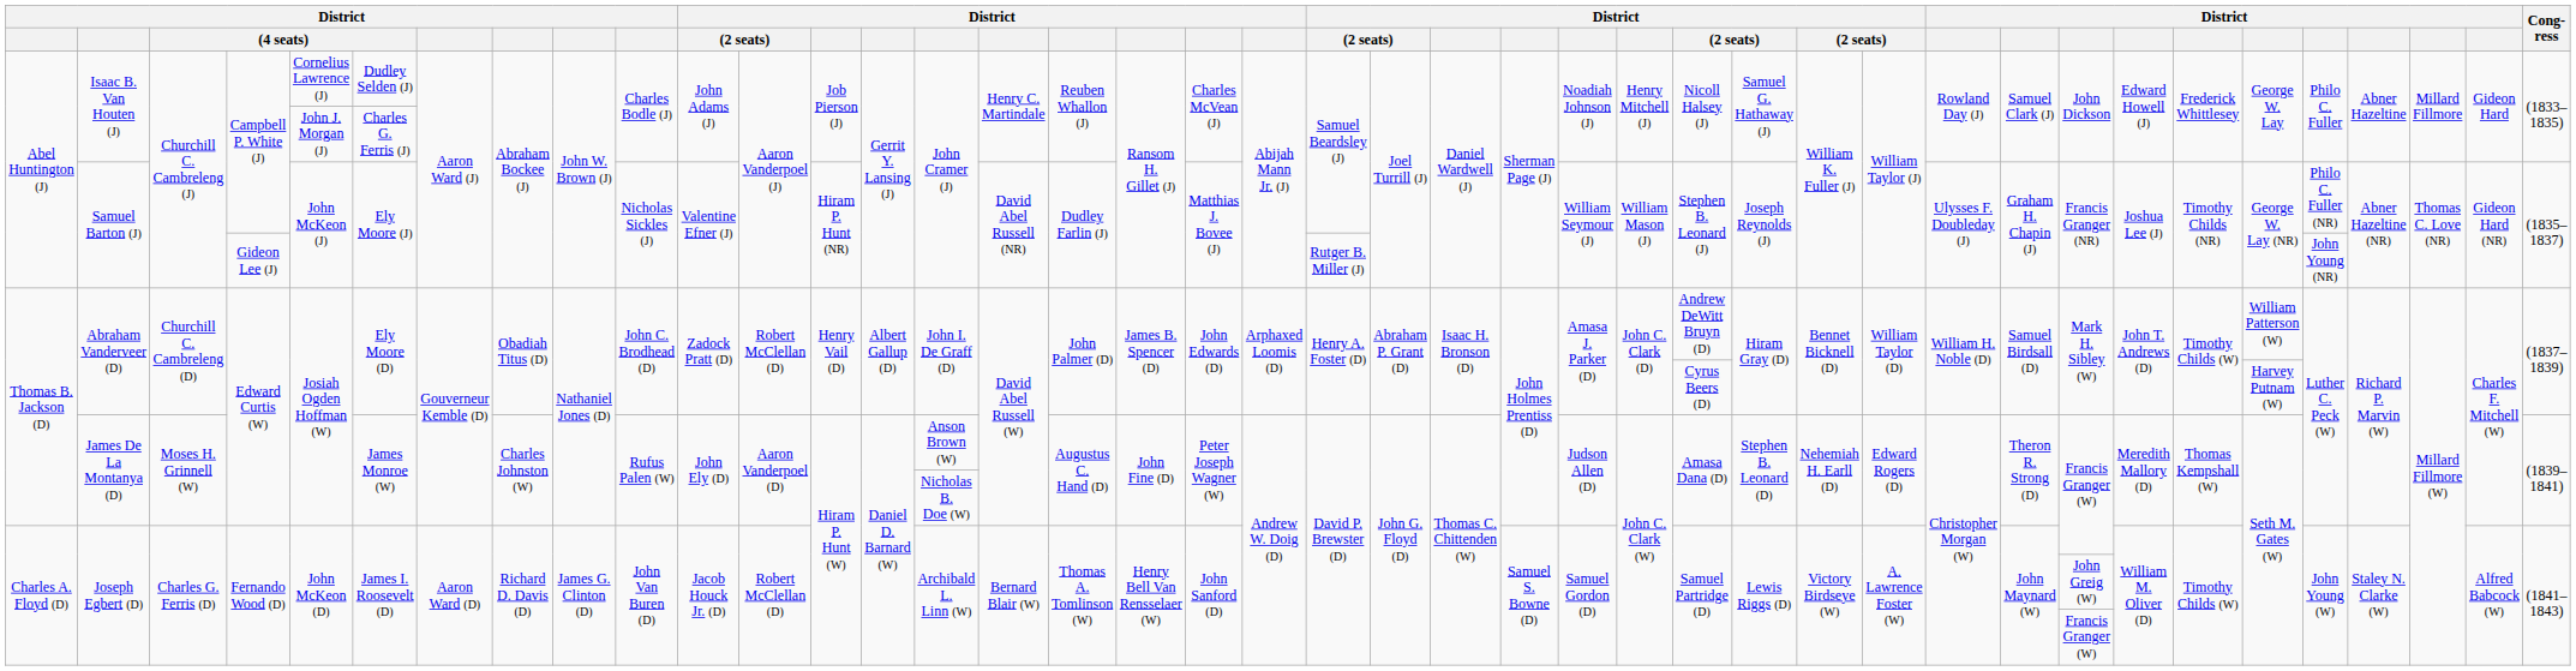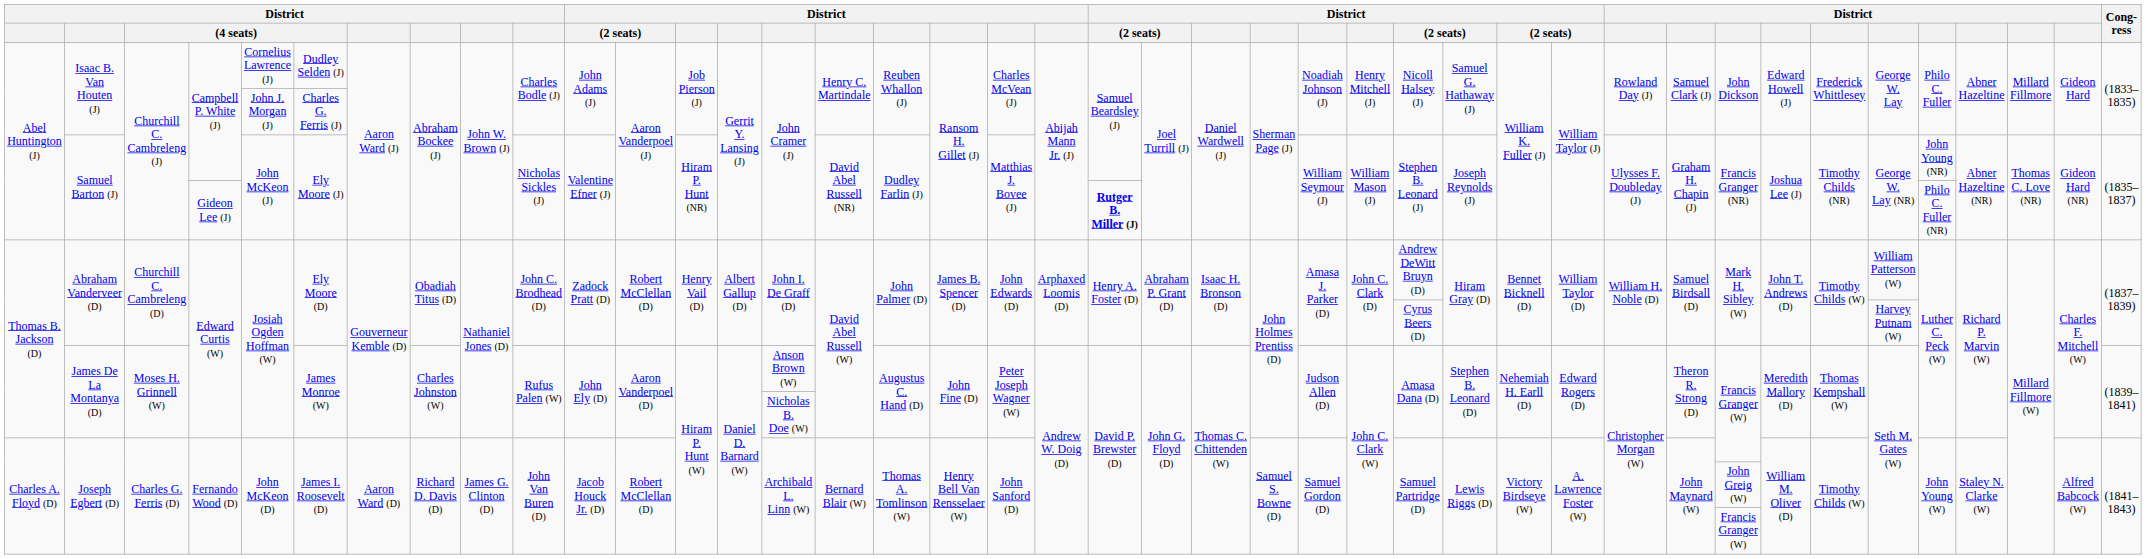 <table class=wikitable style="text-align:center">
 <tr>
 <th colspan=10>District</th>
 <th colspan=10>District</th>
 <th colspan=10>District</th>
 <th colspan=10>District</th>
 <th rowspan=2>Cong­ress</th>
 </tr>
 <tr>
 <th></th>
 <th></th>
 <th colspan=4> (4 seats)</th>
 <th></th>
 <th></th>
 <th></th>
 <th></th>
 <th colspan=2> (2 seats)</th>
 <th></th>
 <th></th>
 <th></th>
 <th></th>
 <th></th>
 <th></th>
 <th></th>
 <th></th>
 <th colspan=2> (2 seats)</th>
 <th></th>
 <th></th>
 <th></th>
 <th></th>
 <th colspan=2> (2 seats)</th>
 <th colspan=2> (2 seats)</th>
 <th></th>
 <th></th>
 <th></th>
 <th></th>
 <th></th>
 <th></th>
 <th></th>
 <th></th>
 <th></th>
 <th></th>
 </tr>
 <tr style="height:2em">
 <td rowspan=4 ><a href='#'>Abel<br>Huntington</a><br><small>(J)</small></td>
 <td rowspan=2 ><a href='#'>Isaac B.<br>Van Houten</a><br><small>(J)</small></td>
 <td rowspan=4 ><a href='#'>Churchill C.<br>Cambreleng</a><br><small>(J)</small></td>
 <td rowspan=3 ><a href='#'>Campbell<br>P. White</a><br><small>(J)</small></td>
 <td><a href='#'>Cornelius<br>Lawrence</a> <small>(J)</small></td>
 <td><a href='#'>Dudley<br>Selden</a> <small>(J)</small></td>
 <td rowspan=4 ><a href='#'>Aaron<br>Ward</a> <small>(J)</small></td>
 <td rowspan=4 ><a href='#'>Abraham<br>Bockee</a><br><small>(J)</small></td>
 <td rowspan=4 ><a href='#'>John W.<br>Brown</a> <small>(J)</small></td>
 <td rowspan=2 ><a href='#'>Charles<br>Bodle</a> <small>(J)</small></td>
 <td rowspan=2 ><a href='#'>John<br>Adams</a> <small>(J)</small></td>
 <td rowspan=4 ><a href='#'>Aaron<br>Vanderpoel</a><br><small>(J)</small></td>
 <td rowspan=2 ><a href='#'>Job<br>Pierson</a><br><small>(J)</small></td>
 <td rowspan=4 ><a href='#'>Gerrit Y.<br>Lansing</a><br><small>(J)</small></td>
 <td rowspan=4 ><a href='#'>John<br>Cramer</a> <small>(J)</small></td>
 <td rowspan=2 ><a href='#'>Henry C.<br>Martindale</a><br></td>
 <td rowspan=2 ><a href='#'>Reuben<br>Whallon</a><br><small>(J)</small></td>
 <td rowspan=4 ><a href='#'>Ransom H.<br>Gillet</a> <small>(J)</small></td>
 <td rowspan=2 ><a href='#'>Charles<br>McVean</a> <small>(J)</small></td>
 <td rowspan=4 ><a href='#'>Abijah<br>Mann<br>Jr.</a> <small>(J)</small></td>
 <td rowspan=3 ><a href='#'>Samuel<br>Beardsley</a><br><small>(J)</small></td>
 <td rowspan=4 ><a href='#'>Joel<br>Turrill</a> <small>(J)</small></td>
 <td rowspan=4 ><a href='#'>Daniel<br>Wardwell</a><br><small>(J)</small></td>
 <td rowspan=4 ><a href='#'>Sherman<br>Page</a> <small>(J)</small></td>
 <td rowspan=2 ><a href='#'>Noadiah<br>Johnson</a><br><small>(J)</small></td>
 <td rowspan=2 ><a href='#'>Henry<br>Mitchell</a><br><small>(J)</small></td>
 <td rowspan=2 ><a href='#'>Nicoll<br>Halsey</a> <small>(J)</small></td>
 <td rowspan=2 ><a href='#'>Samuel G.<br>Hathaway</a><br><small>(J)</small></td>
 <td rowspan=4 ><a href='#'>William K.<br>Fuller</a> <small>(J)</small></td>
 <td rowspan=4 ><a href='#'>William<br>Taylor</a> <small>(J)</small></td>
 <td rowspan=2 ><a href='#'>Rowland<br>Day</a> <small>(J)</small></td>
 <td rowspan=2 ><a href='#'>Samuel<br>Clark</a> <small>(J)</small></td>
 <td rowspan=2 ><a href='#'>John<br>Dickson</a><br></td>
 <td rowspan=2 ><a href='#'>Edward<br>Howell</a> <small>(J)</small></td>
 <td rowspan=2 ><a href='#'>Frederick<br>Whittlesey</a><br></td>
 <td rowspan=2 ><a href='#'>George W.<br>Lay</a> </td>
 <td rowspan=2 ><a href='#'>Philo C.<br>Fuller</a> </td>
 <td rowspan=2 ><a href='#'>Abner<br>Hazeltine</a><br></td>
 <td rowspan=2 ><a href='#'>Millard<br>Fillmore</a><br></td>
 <td rowspan=2 ><a href='#'>Gideon<br>Hard</a><br></td>
 <td rowspan=2><strong></strong><br>(1833–1835)</td>
 </tr>
 <tr style="height:2em">
 <td><a href='#'>John J.<br>Morgan</a> <small>(J)</small></td>
 <td><a href='#'>Charles G.<br>Ferris</a> <small>(J)</small></td>
 </tr>
 <tr style="height:2em">
 <td rowspan=2 ><a href='#'>Samuel<br>Barton</a> <small>(J)</small></td>
 <td rowspan=2 ><a href='#'>John<br>McKeon</a> <small>(J)</small></td>
 <td rowspan=2 ><a href='#'>Ely<br>Moore</a> <small>(J)</small></td>
 <td rowspan=2 ><a href='#'>Nicholas<br>Sickles</a> <small>(J)</small></td>
 <td rowspan=2 ><a href='#'>Valentine<br>Efner</a> <small>(J)</small></td>
 <td rowspan=2 ><a href='#'>Hiram P.<br>Hunt</a> <small>(NR)</small></td>
 <td rowspan=2 ><a href='#'>David Abel<br>Russell</a><br><small>(NR)</small></td>
 <td rowspan=2 ><a href='#'>Dudley<br>Farlin</a> <small>(J)</small></td>
 <td rowspan=2 ><a href='#'>Matthias J.<br>Bovee</a> <small>(J)</small></td>
 <td rowspan=2 ><a href='#'>William<br>Seymour</a><br><small>(J)</small></td>
 <td rowspan=2 ><a href='#'>William<br>Mason</a> <small>(J)</small></td>
 <td rowspan=2 ><a href='#'>Stephen B.<br>Leonard</a> <small>(J)</small></td>
 <td rowspan=2 ><a href='#'>Joseph<br>Reynolds</a><br><small>(J)</small></td>
 <td rowspan=2 ><a href='#'>Ulysses F.<br>Doubleday</a><br><small>(J)</small></td>
 <td rowspan=2 ><a href='#'>Graham H.<br>Chapin</a> <small>(J)</small></td>
 <td rowspan=2 ><a href='#'>Francis<br>Granger</a> <small>(NR)</small></td>
 <td rowspan=2 ><a href='#'>Joshua<br>Lee</a> <small>(J)</small></td>
 <td rowspan=2 ><a href='#'>Timothy<br>Childs</a><br><small>(NR)</small></td>
 <td rowspan=2 ><a href='#'>George W.<br>Lay</a> <small>(NR)</small></td>
-<td><a href='#'>Philo C. Fuller</a> <small>(NR)</small></td>
+<td><a href='#'>John<br>Young</a> <small>(NR)</small></td>
 <td rowspan=2 ><a href='#'>Abner<br>Hazeltine</a><br><small>(NR)</small></td>
 <td rowspan=2 ><a href='#'>Thomas<br>C. Love</a><br><small>(NR)</small></td>
 <td rowspan=2 ><a href='#'>Gideon<br>Hard</a><br><small>(NR)</small></td>
 <td rowspan=2><strong></strong><br>(1835–1837)</td>
 </tr>
 <tr style="height:2em">
 <td><a href='#'>Gideon<br>Lee</a> <small>(J)</small></td>
-<td><a href='#'>Rutger B.<br>Miller</a> <small>(J)</small></td>
-<td><a href='#'>John<br>Young</a> <small>(NR)</small></td>
+<td><strong><a href='#'>Rutger B.<br>Miller</a> <small>(J)</small></strong></td>
+<td><a href='#'>Philo C. Fuller</a> <small>(NR)</small></td>
 </tr>
 <tr style="height:2em">
 <td rowspan=4 ><a href='#'>Thomas B.<br>Jackson</a><br><small>(D)</small></td>
 <td rowspan=2 ><a href='#'>Abraham<br>Vanderveer</a><br><small>(D)</small></td>
 <td rowspan=2 ><a href='#'>Churchill C.<br>Cambreleng</a><br><small>(D)</small></td>
 <td rowspan=4 ><a href='#'>Edward<br>Curtis</a> <small>(W)</small></td>
 <td rowspan=4 ><a href='#'>Josiah<br>Ogden<br>Hoffman</a><br><small>(W)</small></td>
 <td rowspan=2 ><a href='#'>Ely<br>Moore</a> <small>(D)</small></td>
 <td rowspan=4 ><a href='#'>Gouverneur<br>Kemble</a> <small>(D)</small></td>
 <td rowspan=2 ><a href='#'>Obadiah<br>Titus</a> <small>(D)</small></td>
 <td rowspan=4 ><a href='#'>Nathaniel<br>Jones</a> <small>(D)</small></td>
 <td rowspan=2 ><a href='#'>John C.<br>Brodhead</a><br><small>(D)</small></td>
 <td rowspan=2 ><a href='#'>Zadock<br>Pratt</a> <small>(D)</small></td>
 <td rowspan=2 ><a href='#'>Robert<br>McClellan</a><br><small>(D)</small></td>
 <td rowspan=2 ><a href='#'>Henry<br>Vail</a> <small>(D)</small></td>
 <td rowspan=2 ><a href='#'>Albert<br>Gallup</a><br><small>(D)</small></td>
 <td rowspan=2 ><a href='#'>John I.<br>De Graff</a> <small>(D)</small></td>
 <td rowspan=4 ><a href='#'>David<br>Abel<br>Russell</a><br><small>(W)</small></td>
 <td rowspan=2 ><a href='#'>John<br>Palmer</a> <small>(D)</small></td>
 <td rowspan=2 ><a href='#'>James B.<br>Spencer</a><br><small>(D)</small></td>
 <td rowspan=2 ><a href='#'>John<br>Edwards</a> <small>(D)</small></td>
 <td rowspan=2 ><a href='#'>Arphaxed<br>Loomis</a><br><small>(D)</small></td>
 <td rowspan=2 ><a href='#'>Henry A.<br>Foster</a> <small>(D)</small></td>
 <td rowspan=2 ><a href='#'>Abraham<br>P. Grant</a><br><small>(D)</small></td>
 <td rowspan=2 ><a href='#'>Isaac H.<br>Bronson</a><br><small>(D)</small></td>
 <td rowspan=4 ><a href='#'>John<br>Holmes<br>Prentiss</a><br><small>(D)</small></td>
 <td rowspan=2 ><a href='#'>Amasa J.<br>Parker</a> <small>(D)</small></td>
 <td rowspan=2 ><a href='#'>John C.<br>Clark</a> <small>(D)</small></td>
 <td><a href='#'>Andrew DeWitt<br>Bruyn</a> <small>(D)</small></td>
 <td rowspan=2 ><a href='#'>Hiram<br>Gray</a> <small>(D)</small></td>
 <td rowspan=2 ><a href='#'>Bennet<br>Bicknell</a> <small>(D)</small></td>
 <td rowspan=2 ><a href='#'>William<br>Taylor</a> <small>(D)</small></td>
 <td rowspan=2 ><a href='#'>William H.<br>Noble</a> <small>(D)</small></td>
 <td rowspan=2 ><a href='#'>Samuel<br>Birdsall</a> <small>(D)</small></td>
 <td rowspan=2 ><a href='#'>Mark H.<br>Sibley</a> <small>(W)</small></td>
 <td rowspan=2 ><a href='#'>John T.<br>Andrews</a><br><small>(D)</small></td>
 <td rowspan=2 ><a href='#'>Timothy<br>Childs</a> <small>(W)</small></td>
 <td><a href='#'>William<br>Patterson</a> <small>(W)</small></td>
 <td rowspan=4 ><a href='#'>Luther C.<br>Peck</a> <small>(W)</small></td>
 <td rowspan=4 ><a href='#'>Richard<br>P.<br>Marvin</a><br><small>(W)</small></td>
 <td rowspan=7 ><a href='#'>Millard<br>Fillmore</a><br><small>(W)</small></td>
 <td rowspan=4 ><a href='#'>Charles F.<br>Mitchell</a><br><small>(W)</small></td>
 <td rowspan=2><strong></strong><br>(1837–1839)</td>
 </tr>
 <tr style="height:2em">
 <td><a href='#'>Cyrus Beers</a> <small>(D)</small></td>
 <td><a href='#'>Harvey Putnam</a> <small>(W)</small></td>
 </tr>
 <tr style="height:2em">
 <td rowspan=2 ><a href='#'>James De La<br>Montanya</a><br><small>(D)</small></td>
 <td rowspan=2 ><a href='#'>Moses H.<br>Grinnell</a> <small>(W)</small></td>
 <td rowspan=2 ><a href='#'>James<br>Monroe</a><br><small>(W)</small></td>
 <td rowspan=2 ><a href='#'>Charles<br>Johnston</a><br><small>(W)</small></td>
 <td rowspan=2 ><a href='#'>Rufus<br>Palen</a> <small>(W)</small></td>
 <td rowspan=2 ><a href='#'>John<br>Ely</a> <small>(D)</small></td>
 <td rowspan=2 ><a href='#'>Aaron<br>Vanderpoel</a><br><small>(D)</small></td>
 <td rowspan=5 ><a href='#'>Hiram P.<br>Hunt</a> <small>(W)</small></td>
 <td rowspan=5 ><a href='#'>Daniel D.<br>Barnard</a><br><small>(W)</small></td>
 <td><a href='#'>Anson Brown</a> <small>(W)</small></td>
 <td rowspan=2 ><a href='#'>Augustus<br>C.<br>Hand</a> <small>(D)</small></td>
 <td rowspan=2 ><a href='#'>John<br>Fine</a> <small>(D)</small></td>
 <td rowspan=2 ><a href='#'>Peter Joseph<br>Wagner</a> <small>(W)</small></td>
 <td rowspan=5 ><a href='#'>Andrew<br>W. Doig</a><br><small>(D)</small></td>
 <td rowspan=5 ><a href='#'>David P.<br>Brewster</a><br><small>(D)</small></td>
 <td rowspan=5 ><a href='#'>John G.<br>Floyd</a> <small>(D)</small></td>
 <td rowspan=5 ><a href='#'>Thomas C.<br>Chittenden</a><br><small>(W)</small></td>
 <td rowspan=2 ><a href='#'>Judson<br>Allen</a> <small>(D)</small></td>
 <td rowspan=5 ><a href='#'>John C.<br>Clark</a> <small>(W)</small></td>
 <td rowspan=2 ><a href='#'>Amasa<br>Dana</a> <small>(D)</small></td>
 <td rowspan=2 ><a href='#'>Stephen B.<br>Leonard</a><br><small>(D)</small></td>
 <td rowspan=2 ><a href='#'>Nehemiah<br>H. Earll</a> <small>(D)</small></td>
 <td rowspan=2 ><a href='#'>Edward<br>Rogers</a> <small>(D)</small></td>
 <td rowspan=5 ><a href='#'>Christopher<br>Morgan</a> <small>(W)</small></td>
 <td rowspan=2 ><a href='#'>Theron R.<br>Strong</a> <small>(D)</small></td>
 <td rowspan=3 ><a href='#'>Francis<br>Granger</a> <small>(W)</small></td>
 <td rowspan=2 ><a href='#'>Meredith<br>Mallory</a><br><small>(D)</small></td>
 <td rowspan=2 ><a href='#'>Thomas<br>Kempshall</a><br><small>(W)</small></td>
 <td rowspan=5 ><a href='#'>Seth M.<br>Gates</a> <small>(W)</small></td>
 <td rowspan=2><strong></strong><br>(1839–1841)</td>
 </tr>
 <tr style="height:2em">
 <td><a href='#'>Nicholas B.<br>Doe</a> <small>(W)</small></td>
 </tr>
 <tr style="height:2em">
 <td rowspan=3 ><a href='#'>Charles A.<br>Floyd</a> <small>(D)</small></td>
 <td rowspan=3 ><a href='#'>Joseph<br>Egbert</a> <small>(D)</small></td>
 <td rowspan=3 ><a href='#'>Charles G.<br>Ferris</a> <small>(D)</small></td>
 <td rowspan=3 ><a href='#'>Fernando<br>Wood</a> <small>(D)</small></td>
 <td rowspan=3 ><a href='#'>John<br>McKeon</a> <small>(D)</small></td>
 <td rowspan=3 ><a href='#'>James I.<br>Roosevelt</a><br><small>(D)</small></td>
 <td rowspan=3 ><a href='#'>Aaron<br>Ward</a> <small>(D)</small></td>
 <td rowspan=3 ><a href='#'>Richard<br>D. Davis</a><br><small>(D)</small></td>
 <td rowspan=3 ><a href='#'>James G.<br>Clinton</a><br><small>(D)</small></td>
 <td rowspan=3 ><a href='#'>John<br>Van Buren</a><br><small>(D)</small></td>
 <td rowspan=3 ><a href='#'>Jacob<br>Houck<br>Jr.</a> <small>(D)</small></td>
 <td rowspan=3 ><a href='#'>Robert<br>McClellan</a><br><small>(D)</small></td>
 <td rowspan=3 ><a href='#'>Archibald L.<br>Linn</a> <small>(W)</small></td>
 <td rowspan=3 ><a href='#'>Bernard<br>Blair</a> <small>(W)</small></td>
 <td rowspan=3 ><a href='#'>Thomas A.<br>Tomlinson</a><br><small>(W)</small></td>
 <td rowspan=3 ><a href='#'>Henry<br>Bell Van<br>Rensselaer</a><br><small>(W)</small></td>
 <td rowspan=3 ><a href='#'>John<br>Sanford</a><br><small>(D)</small></td>
 <td rowspan=3 ><a href='#'>Samuel<br>S. Bowne</a><br><small>(D)</small></td>
 <td rowspan=3 ><a href='#'>Samuel<br>Gordon</a><br><small>(D)</small></td>
 <td rowspan=3 ><a href='#'>Samuel<br>Partridge</a> <small>(D)</small></td>
 <td rowspan=3 ><a href='#'>Lewis<br>Riggs</a> <small>(D)</small></td>
 <td rowspan=3 ><a href='#'>Victory<br>Birdseye</a><br><small>(W)</small></td>
 <td rowspan=3 ><a href='#'>A.<br>Lawrence<br>Foster</a> <small>(W)</small></td>
 <td rowspan=3 ><a href='#'>John<br>Maynard</a><br><small>(W)</small></td>
 <td rowspan=3 ><a href='#'>William<br>M. Oliver</a><br><small>(D)</small></td>
 <td rowspan=3 ><a href='#'>Timothy<br>Childs</a> <small>(W)</small></td>
 <td rowspan=3 ><a href='#'>John Young</a> <small>(W)</small></td>
 <td rowspan=3 ><a href='#'>Staley N.<br>Clarke</a><br><small>(W)</small></td>
 <td rowspan=3 ><a href='#'>Alfred<br>Babcock</a><br><small>(W)</small></td>
 <td rowspan=3><strong></strong><br>(1841–1843)</td>
 </tr>
 <tr style="height:2em">
 <td><a href='#'>John Greig</a> <small>(W)</small></td>
 </tr>
 <tr style="height:2em">
 <td><a href='#'>Francis<br>Granger</a> <small>(W)</small></td>
 </tr>
 </table>
